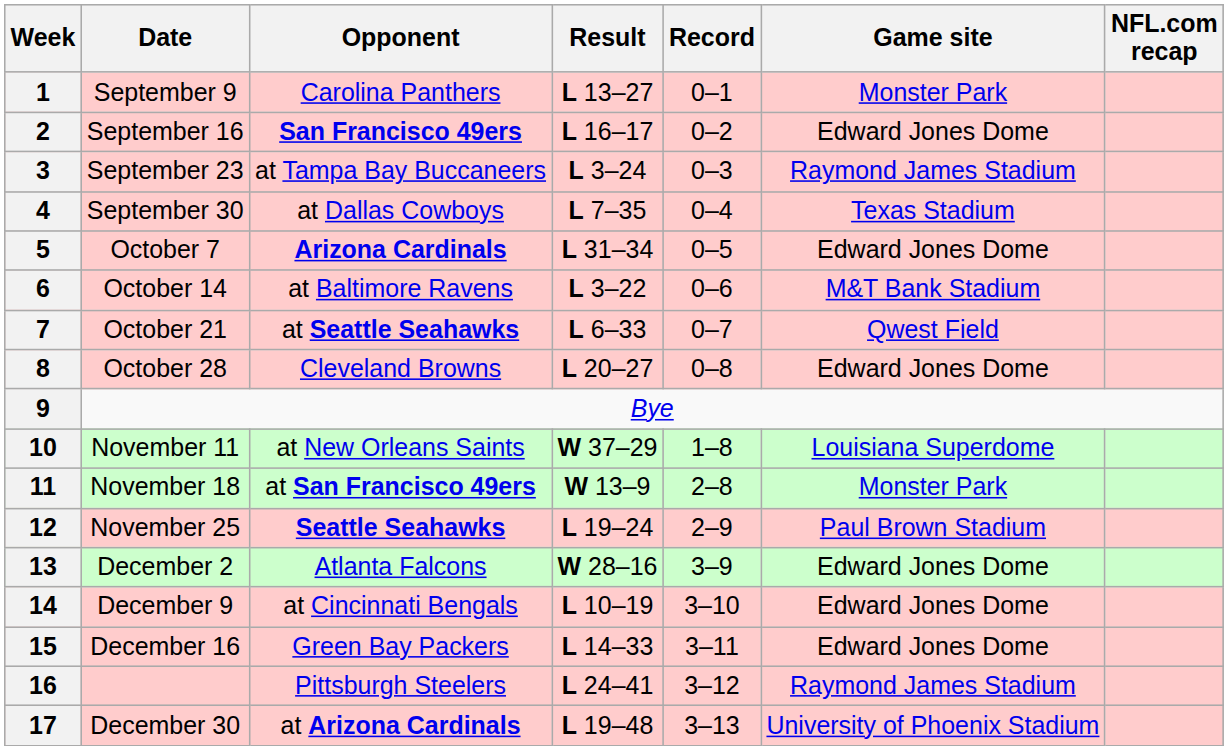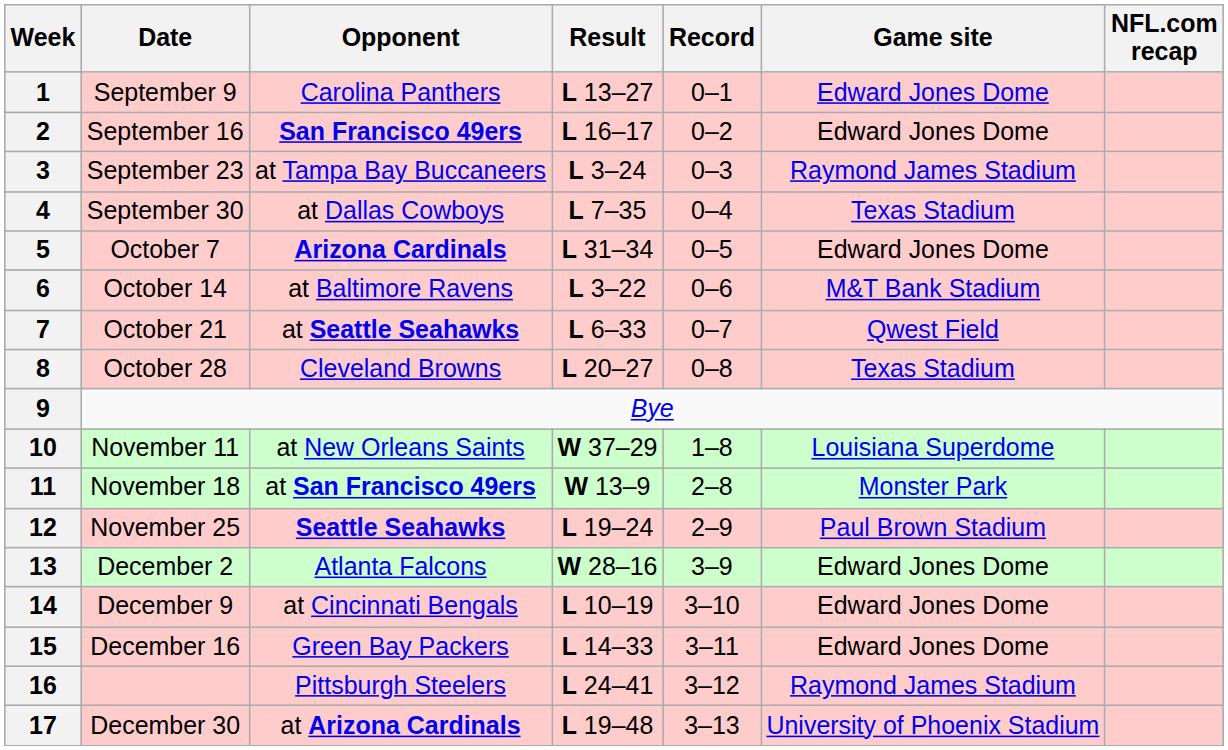 <table class="wikitable" style="text-align:center">
 <tr>
 <th>Week</th>
 <th>Date</th>
 <th>Opponent</th>
 <th>Result</th>
 <th>Record</th>
 <th>Game site</th>
 <th>NFL.com<br>recap</th>
 </tr>
 <tr style="background:#fcc;">
 <th style="text-align:center;">1</th>
 <td style="text-align:center;">September 9</td>
 <td><a href='#'>Carolina Panthers</a></td>
 <td style="text-align:center;"><strong>L</strong> 13–27</td>
 <td style="text-align:center;">0–1</td>
-<td style="text-align:center;"><a href='#'>Monster Park</a></td>
+<td style="text-align:center;"><a href='#'>Edward Jones Dome</a></td>
 <td style="text-align:center;"></td>
 </tr>
 <tr style="background:#fcc;">
 <th style="text-align:center;">2</th>
 <td style="text-align:center;">September 16</td>
 <td><strong><a href='#'>San Francisco 49ers</a></strong></td>
 <td style="text-align:center;"><strong>L</strong> 16–17</td>
 <td style="text-align:center;">0–2</td>
 <td style="text-align:center;">Edward Jones Dome</td>
 <td style="text-align:center;"></td>
 </tr>
 <tr style="background:#fcc;">
 <th style="text-align:center;">3</th>
 <td style="text-align:center;">September 23</td>
 <td>at <a href='#'>Tampa Bay Buccaneers</a></td>
 <td style="text-align:center;"><strong>L</strong> 3–24</td>
 <td style="text-align:center;">0–3</td>
 <td style="text-align:center;"><a href='#'>Raymond James Stadium</a></td>
 <td style="text-align:center;"></td>
 </tr>
 <tr style="background:#fcc;">
 <th style="text-align:center;">4</th>
 <td style="text-align:center;">September 30</td>
 <td>at <a href='#'>Dallas Cowboys</a></td>
 <td style="text-align:center;"><strong>L</strong> 7–35</td>
 <td style="text-align:center;">0–4</td>
 <td style="text-align:center;"><a href='#'>Texas Stadium</a></td>
 <td style="text-align:center;"></td>
 </tr>
 <tr style="background:#fcc;">
 <th style="text-align:center;">5</th>
 <td style="text-align:center;">October 7</td>
 <td><strong><a href='#'>Arizona Cardinals</a></strong></td>
 <td style="text-align:center;"><strong>L</strong> 31–34</td>
 <td style="text-align:center;">0–5</td>
 <td style="text-align:center;">Edward Jones Dome</td>
 <td style="text-align:center;"></td>
 </tr>
 <tr style="background:#fcc;">
 <th style="text-align:center;">6</th>
 <td style="text-align:center;">October 14</td>
 <td>at <a href='#'>Baltimore Ravens</a></td>
 <td style="text-align:center;"><strong>L</strong> 3–22</td>
 <td style="text-align:center;">0–6</td>
 <td style="text-align:center;"><a href='#'>M&T Bank Stadium</a></td>
 <td style="text-align:center;"></td>
 </tr>
 <tr style="background:#fcc;">
 <th style="text-align:center;">7</th>
 <td style="text-align:center;">October 21</td>
 <td>at <strong><a href='#'>Seattle Seahawks</a></strong></td>
 <td style="text-align:center;"><strong>L</strong> 6–33</td>
 <td style="text-align:center;">0–7</td>
 <td style="text-align:center;"><a href='#'>Qwest Field</a></td>
 <td style="text-align:center;"></td>
 </tr>
 <tr style="background:#fcc;">
 <th style="text-align:center;">8</th>
 <td style="text-align:center;">October 28</td>
 <td><a href='#'>Cleveland Browns</a></td>
 <td style="text-align:center;"><strong>L</strong> 20–27</td>
 <td style="text-align:center;">0–8</td>
-<td style="text-align:center;">Edward Jones Dome</td>
+<td style="text-align:center;"><a href='#'>Texas Stadium</a></td>
 <td style="text-align:center;"></td>
 </tr>
 <tr>
 <th style="text-align:center;">9</th>
 <td colspan="7" style="text-align:center;"><em><a href='#'>Bye</a></em></td>
 </tr>
 <tr style="background:#cfc;">
 <th style="text-align:center;">10</th>
 <td style="text-align:center;">November 11</td>
 <td>at <a href='#'>New Orleans Saints</a></td>
 <td style="text-align:center;"><strong>W</strong> 37–29</td>
 <td style="text-align:center;">1–8</td>
 <td style="text-align:center;"><a href='#'>Louisiana Superdome</a></td>
 <td style="text-align:center;"></td>
 </tr>
 <tr style="background:#cfc;">
 <th style="text-align:center;">11</th>
 <td style="text-align:center;">November 18</td>
 <td>at <strong><a href='#'>San Francisco 49ers</a></strong></td>
 <td style="text-align:center;"><strong>W</strong> 13–9</td>
 <td style="text-align:center;">2–8</td>
 <td style="text-align:center;"><a href='#'>Monster Park</a></td>
 <td style="text-align:center;"></td>
 </tr>
 <tr style="background:#fcc;">
 <th style="text-align:center;">12</th>
 <td style="text-align:center;">November 25</td>
 <td><strong><a href='#'>Seattle Seahawks</a></strong></td>
 <td style="text-align:center;"><strong>L</strong> 19–24</td>
 <td style="text-align:center;">2–9</td>
 <td style="text-align:center;"><a href='#'>Paul Brown Stadium</a></td>
 <td style="text-align:center;"></td>
 </tr>
 <tr style="background:#cfc;">
 <th style="text-align:center;">13</th>
 <td style="text-align:center;">December 2</td>
 <td><a href='#'>Atlanta Falcons</a></td>
 <td style="text-align:center;"><strong>W</strong> 28–16</td>
 <td style="text-align:center;">3–9</td>
 <td style="text-align:center;">Edward Jones Dome</td>
 <td style="text-align:center;"></td>
 </tr>
 <tr style="background:#fcc;">
 <th style="text-align:center;">14</th>
 <td style="text-align:center;">December 9</td>
 <td>at <a href='#'>Cincinnati Bengals</a></td>
 <td style="text-align:center;"><strong>L</strong> 10–19</td>
 <td style="text-align:center;">3–10</td>
 <td style="text-align:center;">Edward Jones Dome</td>
 <td style="text-align:center;"></td>
 </tr>
 <tr style="background:#fcc;">
 <th style="text-align:center;">15</th>
 <td style="text-align:center;">December 16</td>
 <td><a href='#'>Green Bay Packers</a></td>
 <td style="text-align:center;"><strong>L</strong> 14–33</td>
 <td style="text-align:center;">3–11</td>
 <td style="text-align:center;">Edward Jones Dome</td>
 <td style="text-align:center;"></td>
 </tr>
 <tr style="background:#fcc;">
 <th style="text-align:center;">16</th>
 <td style="text-align:center;"></td>
 <td><a href='#'>Pittsburgh Steelers</a></td>
 <td style="text-align:center;"><strong>L</strong> 24–41</td>
 <td style="text-align:center;">3–12</td>
 <td style="text-align:center;"><a href='#'>Raymond James Stadium</a></td>
 <td style="text-align:center;"></td>
 </tr>
 <tr style="background:#fcc;">
 <th style="text-align:center;">17</th>
 <td style="text-align:center;">December 30</td>
 <td>at <strong><a href='#'>Arizona Cardinals</a></strong></td>
 <td style="text-align:center;"><strong>L</strong> 19–48</td>
 <td style="text-align:center;">3–13</td>
 <td style="text-align:center;"><a href='#'>University of Phoenix Stadium</a></td>
 <td style="text-align:center;"></td>
 </tr>
 </table>
